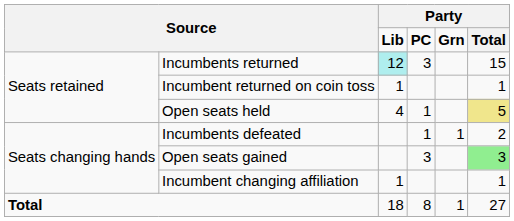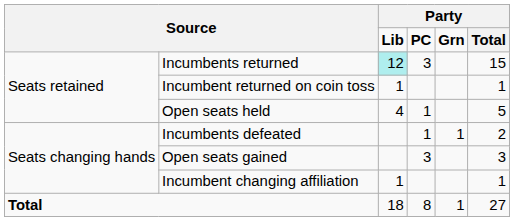 <table class="wikitable" style="text-align:right;">
 <tr>
 <th colspan="2" rowspan="2">Source</th>
 <th colspan="4">Party</th>
 </tr>
 <tr>
 <td><strong>Lib</strong></td>
 <td><strong>PC</strong></td>
 <td><strong>Grn</strong></td>
 <th>Total</th>
 </tr>
 <tr>
 <td rowspan="3" style="text-align:left;">Seats retained</td>
 <td style="text-align:left;">Incumbents returned</td>
 <td style="background: paleturquoise;">12</td>
 <td>3</td>
 <td></td>
 <td>15</td>
 </tr>
 <tr>
 <td style="text-align:left;">Incumbent returned on coin toss</td>
 <td>1</td>
 <td></td>
 <td></td>
 <td>1</td>
 </tr>
 <tr>
 <td style="text-align:left;">Open seats held</td>
 <td>4</td>
 <td>1</td>
 <td></td>
-<td style="background: khaki;">5</td>
+<td>5</td>
 </tr>
 <tr>
 <td rowspan="3" style="text-align:left;">Seats changing hands</td>
 <td style="text-align:left;">Incumbents defeated</td>
 <td></td>
 <td>1</td>
 <td>1</td>
 <td>2</td>
 </tr>
 <tr>
 <td style="text-align:left;">Open seats gained</td>
 <td></td>
 <td>3</td>
 <td></td>
-<td style="background: lightgreen;">3</td>
+<td>3</td>
 </tr>
 <tr>
 <td style="text-align:left;">Incumbent changing affiliation</td>
 <td>1</td>
 <td></td>
 <td></td>
 <td>1</td>
 </tr>
 <tr>
 <td colspan="2" style="text-align:left;"><strong>Total</strong></td>
 <td>18</td>
 <td>8</td>
 <td>1</td>
 <td>27</td>
 </tr>
 </table>
